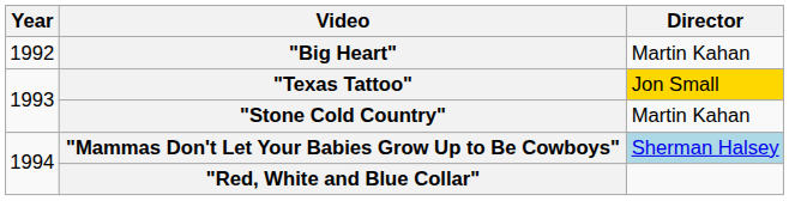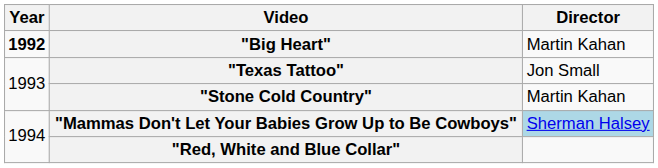 <table class="wikitable plainrowheaders">
 <tr>
 <th>Year</th>
 <th style="width:28em;">Video</th>
 <th>Director</th>
 </tr>
 <tr>
-<td>1992</td>
+<td><strong>1992</strong></td>
 <th scope="row">"Big Heart"</th>
 <td>Martin Kahan</td>
 </tr>
 <tr>
 <td rowspan="2">1993</td>
 <th scope="row">"Texas Tattoo"</th>
-<td style="background: gold;">Jon Small</td>
+<td>Jon Small</td>
 </tr>
 <tr>
 <th scope="row">"Stone Cold Country"</th>
 <td>Martin Kahan</td>
 </tr>
 <tr>
 <td rowspan="2">1994</td>
 <th scope="row">"Mammas Don't Let Your Babies Grow Up to Be Cowboys"</th>
 <td style="background: lightblue;"><a href='#'>Sherman Halsey</a></td>
 </tr>
 <tr>
 <th scope="row">"Red, White and Blue Collar"</th>
 <td></td>
 </tr>
 </table>
